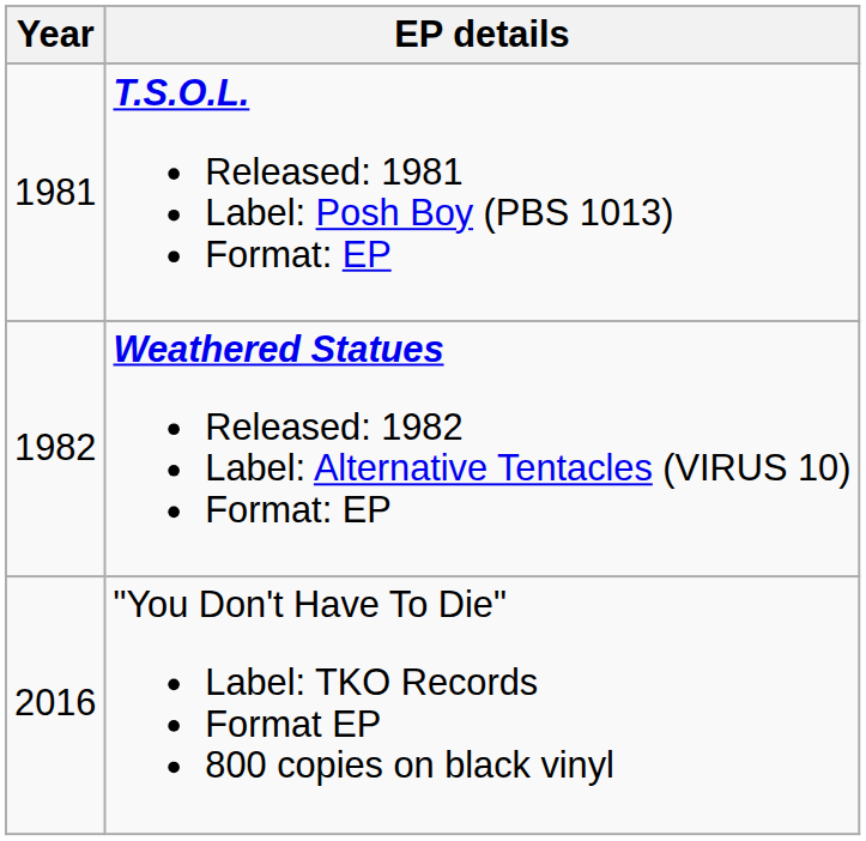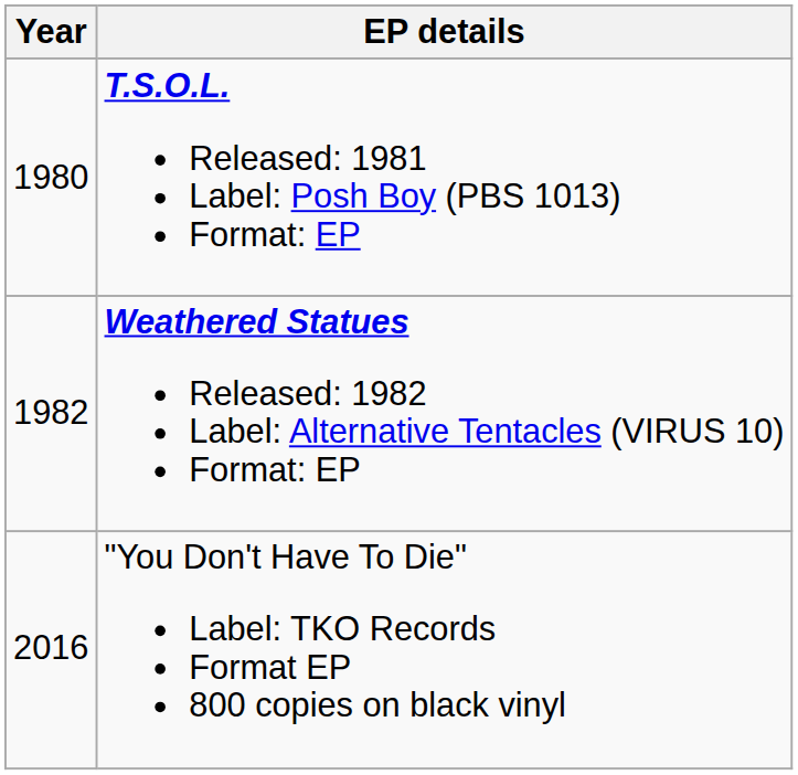 <table class ="wikitable">
 <tr>
 <th>Year</th>
 <th>EP details</th>
 </tr>
 <tr>
-<td>1981</td>
+<td>1980</td>
 <td><strong><em><a href='#'>T.S.O.L.</a></em></strong><br><ul><li>Released: 1981</li><li>Label: <a href='#'>Posh Boy</a> (PBS 1013)</li><li>Format: <a href='#'>EP</a></li></ul></td>
 </tr>
 <tr>
 <td>1982</td>
 <td><strong><em><a href='#'>Weathered Statues</a></em></strong><br><ul><li>Released: 1982</li><li>Label: <a href='#'>Alternative Tentacles</a> (VIRUS 10)</li><li>Format: EP</li></ul></td>
 </tr>
 <tr>
 <td>2016</td>
 <td>"You Don't Have To Die"<br><ul><li>Label: TKO Records</li><li>Format EP</li><li>800 copies on black vinyl</li></ul></td>
 </tr>
 </table>
